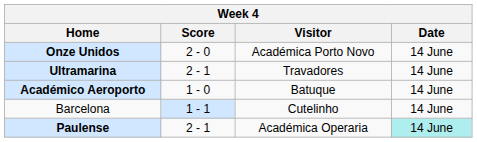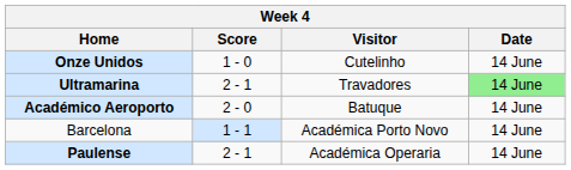 <table class="wikitable" style="font-size:95%; text-align: center; width: 95%;">
 <tr>
 <th colspan="12" style="with: 100%;" align=center>Week 4</th>
 </tr>
 <tr>
 <th width="200">Home</th>
 <th width="90">Score</th>
 <th width="200">Visitor</th>
 <th width="100">Date</th>
 </tr>
 <tr align=center>
 <td bgcolor=#D0E7FF><strong>Onze Unidos</strong></td>
-<td>2 - 0</td>
-<td>Académica Porto Novo</td>
+<td>1 - 0</td>
+<td>Cutelinho</td>
 <td>14 June</td>
 </tr>
 <tr align=center>
 <td bgcolor=#D0E7FF><strong>Ultramarina</strong></td>
 <td>2 - 1</td>
 <td>Travadores</td>
-<td>14 June</td>
+<td style="background: lightgreen;">14 June</td>
 </tr>
 <tr align=center>
 <td bgcolor=#D0E7FF><strong>Académico Aeroporto</strong></td>
-<td>1 - 0</td>
+<td>2 - 0</td>
 <td>Batuque</td>
 <td>14 June</td>
 </tr>
 <tr align=center>
 <td>Barcelona</td>
 <td bgcolor=#D0E7FF>1 - 1</td>
-<td>Cutelinho</td>
+<td>Académica Porto Novo</td>
 <td>14 June</td>
 </tr>
 <tr align=center>
 <td bgcolor=#D0E7FF><strong>Paulense</strong></td>
 <td>2 - 1</td>
 <td>Académica Operaria</td>
-<td style="background: paleturquoise;">14 June</td>
+<td>14 June</td>
 </tr>
 </table>
